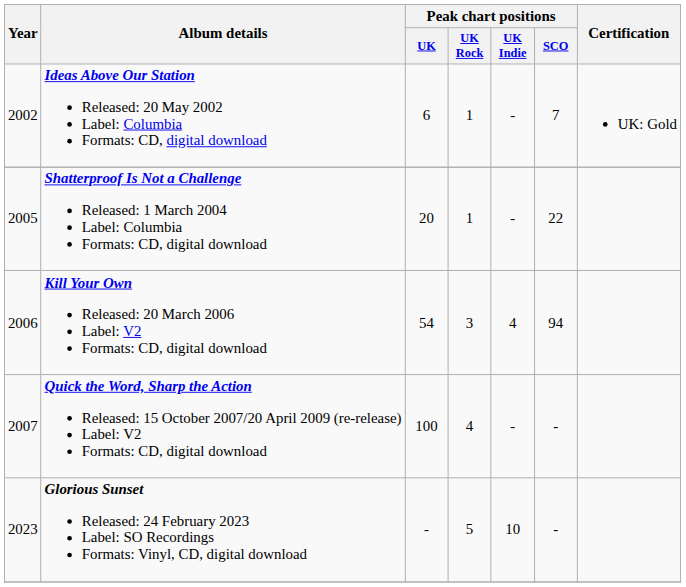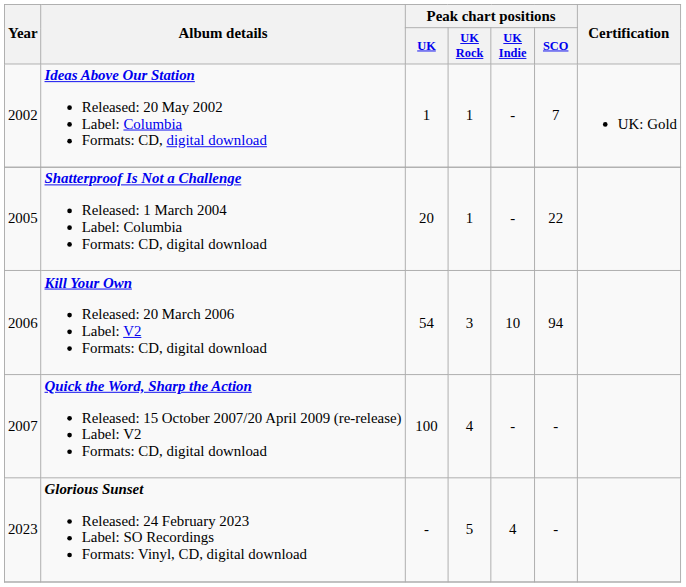 <table class="wikitable">
 <tr>
 <th rowspan=2>Year</th>
 <th rowspan=2>Album details</th>
 <th colspan=4>Peak chart positions</th>
 <th rowspan=2>Certification</th>
 </tr>
 <tr style=font-size:smaller;>
 <th width="40"><a href='#'>UK</a></th>
 <th width="40"><a href='#'>UK Rock</a></th>
 <th width="40"><a href='#'>UK Indie</a></th>
 <th width="40"><a href='#'>SCO</a></th>
 </tr>
 <tr>
 <td>2002</td>
 <td><strong><em><a href='#'>Ideas Above Our Station</a></em></strong><br><ul><li>Released: 20 May 2002</li><li>Label: <a href='#'>Columbia</a></li><li>Formats: CD, <a href='#'>digital download</a></li></ul></td>
-<td align="center">6</td>
+<td align="center">1</td>
 <td align="center">1</td>
 <td align="center">-</td>
 <td align="center">7</td>
 <td><br><ul><li>UK: Gold</li></ul></td>
 </tr>
 <tr>
 </tr>
 <tr>
 <td>2005</td>
 <td><strong><em><a href='#'>Shatterproof Is Not a Challenge</a></em></strong><br><ul><li>Released: 1 March 2004</li><li>Label: Columbia</li><li>Formats: CD, digital download</li></ul></td>
 <td align="center">20</td>
 <td align="center">1</td>
 <td align="center">-</td>
 <td align="center">22</td>
 <td></td>
 </tr>
 <tr>
 <td>2006</td>
 <td><strong><em><a href='#'>Kill Your Own</a></em></strong><br><ul><li>Released: 20 March 2006</li><li>Label: <a href='#'>V2</a></li><li>Formats: CD, digital download</li></ul></td>
 <td align="center">54</td>
 <td align="center">3</td>
-<td align="center">4</td>
+<td align="center">10</td>
 <td align="center">94</td>
 <td></td>
 </tr>
 <tr>
 <td>2007</td>
 <td><strong><em><a href='#'>Quick the Word, Sharp the Action</a></em></strong><br><ul><li>Released: 15 October 2007/20 April 2009 (re-release)</li><li>Label: V2</li><li>Formats: CD, digital download</li></ul></td>
 <td align="center">100</td>
 <td align="center">4</td>
 <td align="center">-</td>
 <td align="center">-</td>
 <td></td>
 </tr>
 <tr>
 <td>2023</td>
 <td><strong><em>Glorious Sunset</em></strong><br><ul><li>Released: 24 February 2023</li><li>Label: SO Recordings</li><li>Formats: Vinyl, CD, digital download</li></ul></td>
 <td align="center">-</td>
 <td align="center">5</td>
-<td align="center">10</td>
+<td align="center">4</td>
 <td align="center">-</td>
 <td></td>
 </tr>
 <tr>
 </tr>
 </table>
